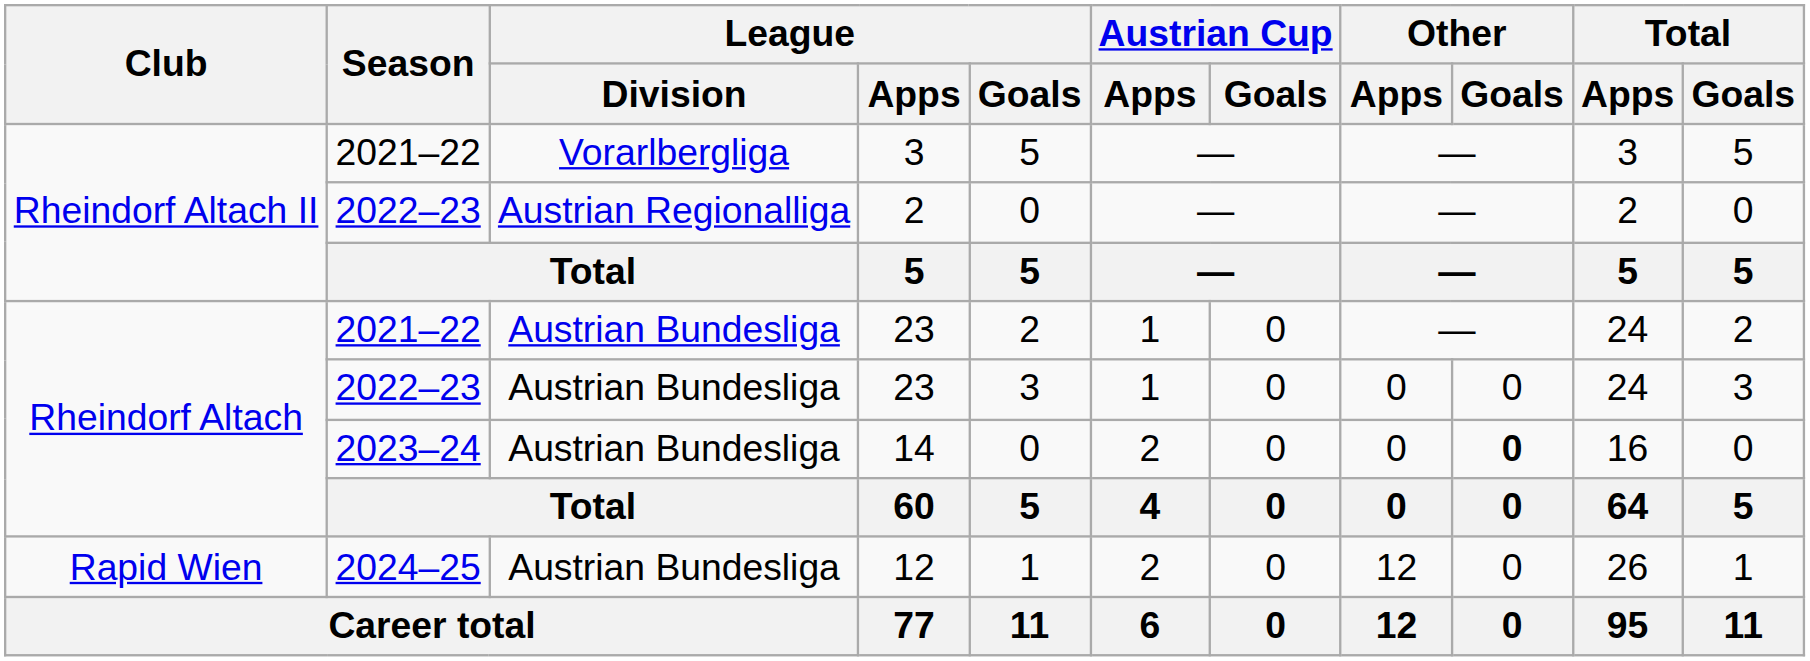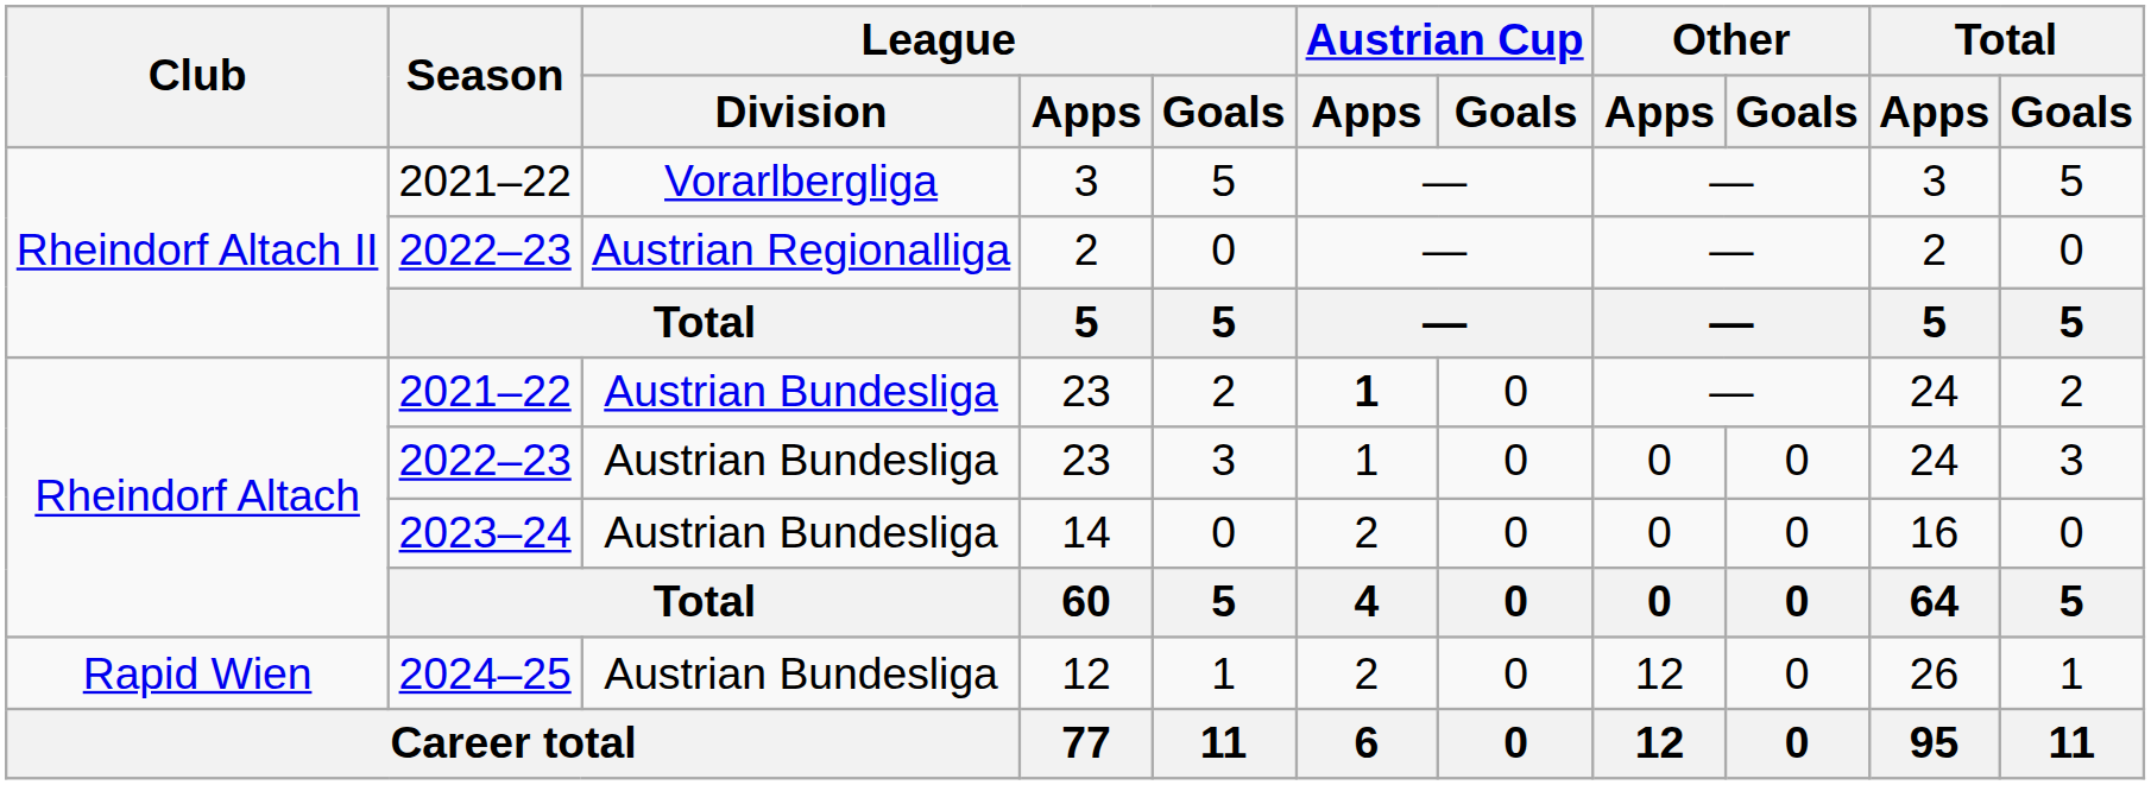 <table class="wikitable" style="text-align:center">
 <tr>
 <th rowspan="2">Club</th>
 <th rowspan="2">Season</th>
 <th colspan="3">League</th>
 <th colspan="2"><a href='#'>Austrian Cup</a></th>
 <th colspan="2">Other</th>
 <th colspan="2">Total</th>
 </tr>
 <tr>
 <th>Division</th>
 <th>Apps</th>
 <th>Goals</th>
 <th>Apps</th>
 <th>Goals</th>
 <th>Apps</th>
 <th>Goals</th>
 <th>Apps</th>
 <th>Goals</th>
 </tr>
 <tr>
 <td rowspan="3"><a href='#'>Rheindorf Altach II</a></td>
 <td>2021–22</td>
 <td><a href='#'>Vorarlbergliga</a></td>
 <td>3</td>
 <td>5</td>
 <td colspan="2">—</td>
 <td colspan="2">—</td>
 <td>3</td>
 <td>5</td>
 </tr>
 <tr>
 <td><a href='#'>2022–23</a></td>
 <td><a href='#'>Austrian Regionalliga</a></td>
 <td>2</td>
 <td>0</td>
 <td colspan="2">—</td>
 <td colspan="2">—</td>
 <td>2</td>
 <td>0</td>
 </tr>
 <tr>
 <th colspan="2">Total</th>
 <th>5</th>
 <th>5</th>
 <th colspan="2">—</th>
 <th colspan="2">—</th>
 <th>5</th>
 <th>5</th>
 </tr>
 <tr>
 <td rowspan="4"><a href='#'>Rheindorf Altach</a></td>
 <td><a href='#'>2021–22</a></td>
 <td><a href='#'>Austrian Bundesliga</a></td>
 <td>23</td>
 <td>2</td>
-<td>1</td>
+<td><strong>1</strong></td>
 <td>0</td>
 <td colspan="2">—</td>
 <td>24</td>
 <td>2</td>
 </tr>
 <tr>
 <td><a href='#'>2022–23</a></td>
 <td>Austrian Bundesliga</td>
 <td>23</td>
 <td>3</td>
 <td>1</td>
 <td>0</td>
 <td>0</td>
 <td>0</td>
 <td>24</td>
 <td>3</td>
 </tr>
 <tr>
 <td><a href='#'>2023–24</a></td>
 <td>Austrian Bundesliga</td>
 <td>14</td>
 <td>0</td>
 <td>2</td>
 <td>0</td>
 <td>0</td>
-<td><strong>0</strong></td>
+<td>0</td>
 <td>16</td>
 <td>0</td>
 </tr>
 <tr>
 <th colspan="2">Total</th>
 <th>60</th>
 <th>5</th>
 <th>4</th>
 <th>0</th>
 <th>0</th>
 <th>0</th>
 <th>64</th>
 <th>5</th>
 </tr>
 <tr>
 <td><a href='#'>Rapid Wien</a></td>
 <td><a href='#'>2024–25</a></td>
 <td>Austrian Bundesliga</td>
 <td>12</td>
 <td>1</td>
 <td>2</td>
 <td>0</td>
 <td>12</td>
 <td>0</td>
 <td>26</td>
 <td>1</td>
 </tr>
 <tr>
 <th colspan="3">Career total</th>
 <th>77</th>
 <th>11</th>
 <th>6</th>
 <th>0</th>
 <th>12</th>
 <th>0</th>
 <th>95</th>
 <th>11</th>
 </tr>
 </table>
